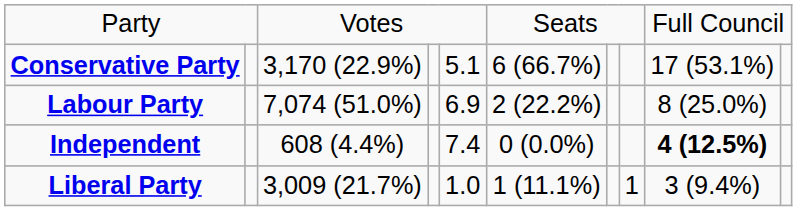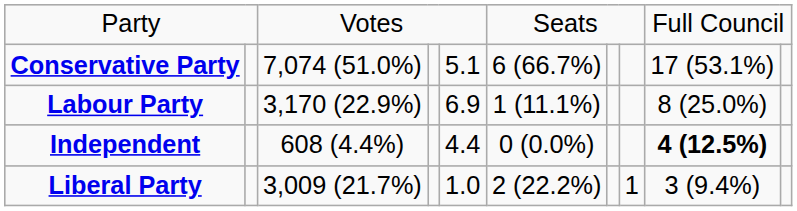 <table class=wikitable style="text-align:center;">
 <tr>
 <td colspan=2>Party</td>
 <td colspan=3>Votes</td>
 <td colspan=3>Seats</td>
 <td colspan=3>Full Council</td>
 </tr>
 <tr>
 <td><strong><a href='#'>Conservative Party</a></strong></td>
 <td style="background:"></td>
-<td>3,170 (22.9%)</td>
+<td>7,074 (51.0%)</td>
 <td></td>
 <td> 5.1</td>
 <td>6 (66.7%)</td>
 <td></td>
 <td></td>
 <td>17 (53.1%)</td>
 <td></td>
 </tr>
 <tr>
 <td><strong><a href='#'>Labour Party</a></strong></td>
 <td style="background:"></td>
-<td>7,074 (51.0%)</td>
+<td>3,170 (22.9%)</td>
 <td></td>
 <td> 6.9</td>
-<td>2 (22.2%)</td>
+<td>1  (11.1%)</td>
 <td></td>
 <td></td>
 <td>8 (25.0%)</td>
 <td></td>
 </tr>
 <tr>
 <td><strong><a href='#'>Independent</a></strong></td>
 <td style="background:"></td>
 <td>608 (4.4%)</td>
 <td></td>
-<td> 7.4</td>
+<td> 4.4</td>
 <td>0 (0.0%)</td>
 <td></td>
 <td></td>
 <td><strong>4  (12.5%)</strong></td>
 <td></td>
 </tr>
 <tr>
 <td><strong><a href='#'>Liberal Party</a></strong></td>
 <td style="background:"></td>
 <td>3,009 (21.7%)</td>
 <td></td>
 <td> 1.0</td>
-<td>1  (11.1%)</td>
+<td>2 (22.2%)</td>
 <td></td>
 <td>1</td>
 <td>3 (9.4%)</td>
 <td></td>
 </tr>
 </table>
